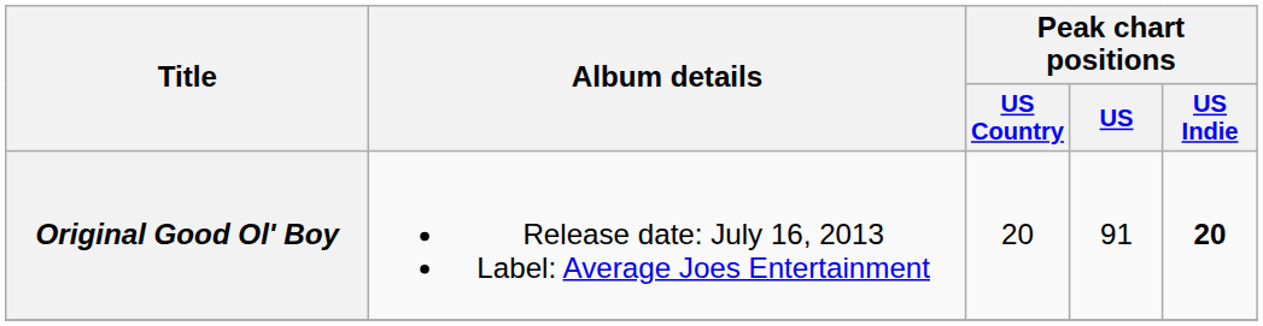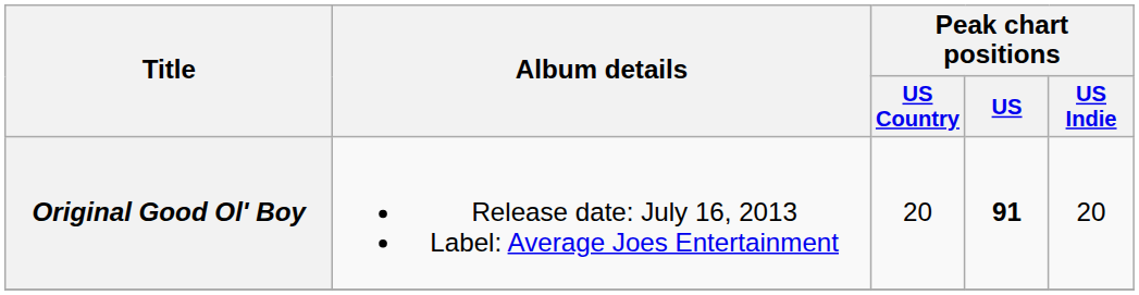 <table class="wikitable plainrowheaders" style="text-align:center;">
 <tr>
 <th rowspan="2" style="width:12em;">Title</th>
 <th rowspan="2" style="width:20em;">Album details</th>
 <th colspan="3">Peak chart positions</th>
 </tr>
 <tr style="font-size:smaller;">
 <th width="45"><a href='#'>US Country</a><br></th>
 <th width="45"><a href='#'>US</a><br></th>
 <th width="45"><a href='#'>US<br>Indie</a><br></th>
 </tr>
 <tr>
 <th scope="row"><em>Original Good Ol' Boy</em></th>
 <td><br><ul><li>Release date: July 16, 2013</li><li>Label: <a href='#'>Average Joes Entertainment</a></li></ul></td>
 <td>20</td>
-<td>91</td>
-<td><strong>20</strong></td>
+<td><strong>91</strong></td>
+<td>20</td>
 </tr>
 <tr>
 </tr>
 </table>
